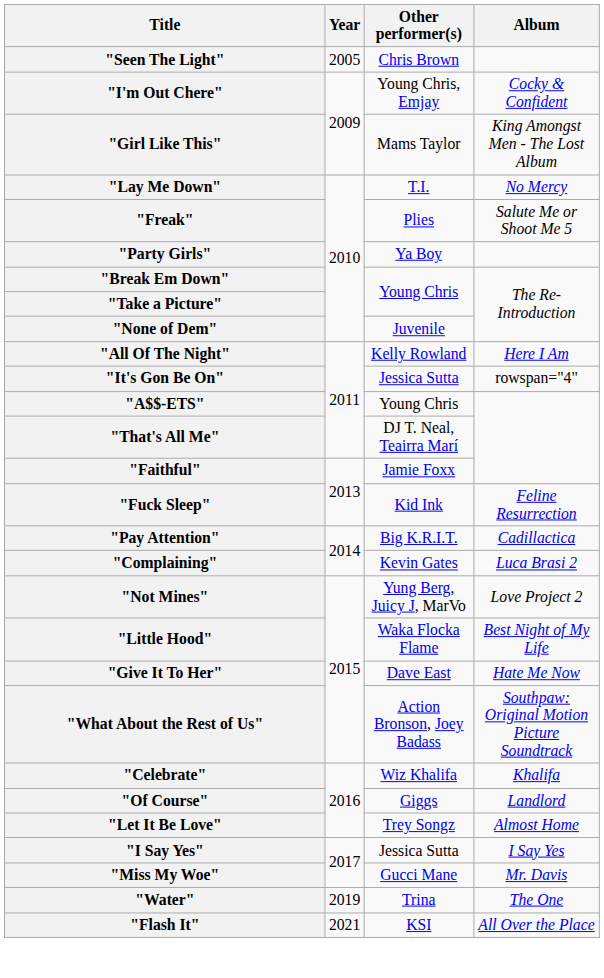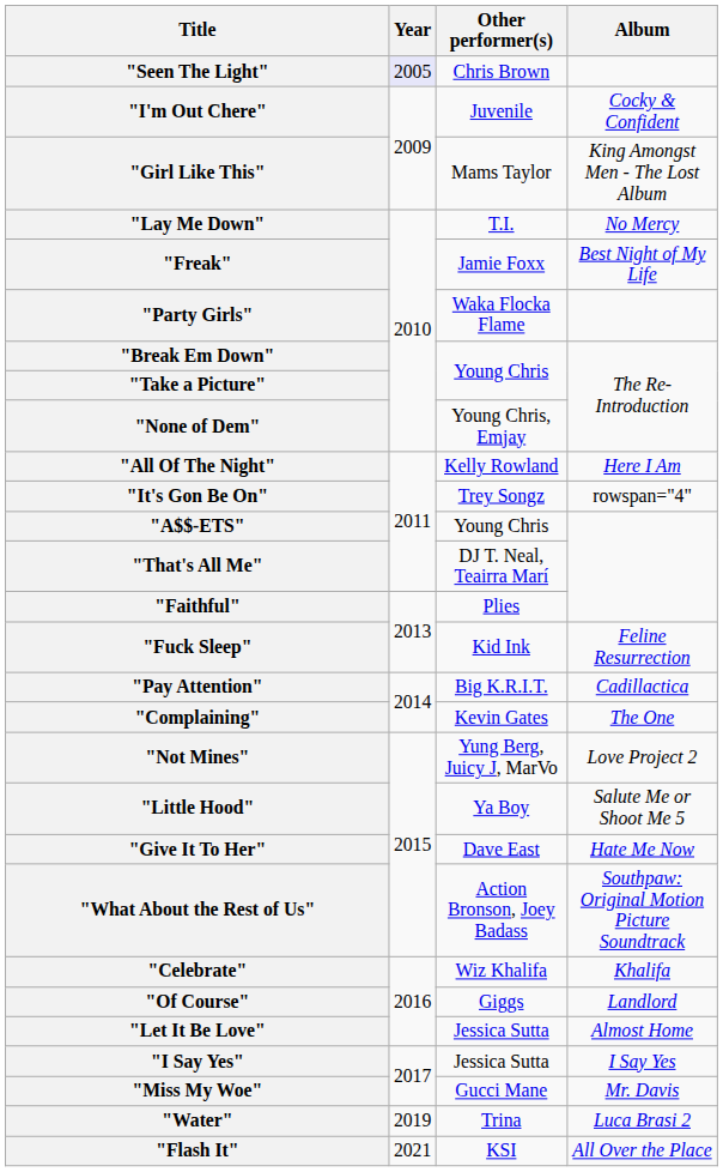 <table class="wikitable plainrowheaders" style="text-align:center;">
 <tr>
 <th scope="col" style="width:20em;">Title</th>
 <th scope="col">Year</th>
 <th scope="col">Other performer(s)</th>
 <th scope="col">Album</th>
 </tr>
 <tr>
 <th scope= "row">"Seen The Light"</th>
-<td rowspan="1">2005</td>
+<td rowspan="1" style="background: lavender;">2005</td>
 <td><a href='#'>Chris Brown</a></td>
 <td></td>
 </tr>
 <tr>
 <th scope= "row">"I'm Out Chere"</th>
 <td rowspan="2">2009</td>
-<td>Young Chris, <a href='#'>Emjay</a></td>
+<td><a href='#'>Juvenile</a></td>
 <td><em><a href='#'>Cocky & Confident</a></em></td>
 </tr>
 <tr>
 <th scope= "row">"Girl Like This"</th>
 <td>Mams Taylor</td>
 <td><em>King Amongst Men - The Lost Album</em></td>
 </tr>
 <tr>
 <th scope= "row">"Lay Me Down"</th>
 <td rowspan="6">2010</td>
 <td><a href='#'>T.I.</a></td>
 <td><em><a href='#'>No Mercy</a></em></td>
 </tr>
 <tr>
 <th scope= "row">"Freak"</th>
-<td><a href='#'>Plies</a></td>
-<td><em>Salute Me or Shoot Me 5</em></td>
+<td><a href='#'>Jamie Foxx</a></td>
+<td><em><a href='#'>Best Night of My Life</a></em></td>
 </tr>
 <tr>
 <th scope= "row">"Party Girls"</th>
-<td><a href='#'>Ya Boy</a></td>
+<td><a href='#'>Waka Flocka Flame</a></td>
 <td></td>
 </tr>
 <tr>
 <th scope= "row">"Break Em Down"</th>
 <td rowspan="2"><a href='#'>Young Chris</a></td>
 <td rowspan="3"><em>The Re-Introduction</em></td>
 </tr>
 <tr>
 <th scope= "row">"Take a Picture"</th>
 </tr>
 <tr>
 <th scope= "row">"None of Dem"</th>
-<td><a href='#'>Juvenile</a></td>
+<td>Young Chris, <a href='#'>Emjay</a></td>
 </tr>
 <tr>
 <th scope= "row">"All Of The Night"</th>
 <td rowspan="4">2011</td>
 <td><a href='#'>Kelly Rowland</a></td>
 <td><em><a href='#'>Here I Am</a></em></td>
 </tr>
 <tr>
 <th scope= "row">"It's Gon Be On"</th>
-<td><a href='#'>Jessica Sutta</a></td>
+<td><a href='#'>Trey Songz</a></td>
 <td>rowspan="4" </td>
 </tr>
 <tr>
 <th scope= "row">"A$$-ETS"</th>
 <td>Young Chris</td>
 </tr>
 <tr>
 <th scope= "row">"That's All Me"</th>
 <td>DJ T. Neal, <a href='#'>Teairra Marí</a></td>
 </tr>
 <tr>
 <th scope= "row">"Faithful"</th>
 <td rowspan="2">2013</td>
-<td><a href='#'>Jamie Foxx</a></td>
+<td><a href='#'>Plies</a></td>
 </tr>
 <tr>
 <th scope= "row">"Fuck Sleep"</th>
 <td><a href='#'>Kid Ink</a></td>
 <td><em><a href='#'>Feline Resurrection</a></em></td>
 </tr>
 <tr>
 <th scope= "row">"Pay Attention"</th>
 <td rowspan="2">2014</td>
 <td><a href='#'>Big K.R.I.T.</a></td>
 <td><em><a href='#'>Cadillactica</a></em></td>
 </tr>
 <tr>
 <th scope= "row">"Complaining"</th>
 <td><a href='#'>Kevin Gates</a></td>
-<td><em><a href='#'>Luca Brasi 2</a></em></td>
+<td><em><a href='#'>The One</a></em></td>
 </tr>
 <tr>
 <th scope="row">"Not Mines"</th>
 <td rowspan="4">2015</td>
 <td><a href='#'>Yung Berg</a>, <a href='#'>Juicy J</a>, MarVo</td>
 <td><em>Love Project 2</em></td>
 </tr>
 <tr>
 <th scope="row">"Little Hood"</th>
-<td><a href='#'>Waka Flocka Flame</a></td>
-<td><em><a href='#'>Best Night of My Life</a></em></td>
+<td><a href='#'>Ya Boy</a></td>
+<td><em>Salute Me or Shoot Me 5</em></td>
 </tr>
 <tr>
 <th scope="row">"Give It To Her"</th>
 <td><a href='#'>Dave East</a></td>
 <td><em><a href='#'>Hate Me Now</a></em></td>
 </tr>
 <tr>
 <th scope="row">"What About the Rest of Us"</th>
 <td><a href='#'>Action Bronson</a>, <a href='#'>Joey Badass</a></td>
 <td><em><a href='#'>Southpaw: Original Motion Picture Soundtrack</a></em></td>
 </tr>
 <tr>
 <th scope="row">"Celebrate"</th>
 <td rowspan="3">2016</td>
 <td><a href='#'>Wiz Khalifa</a></td>
 <td><em><a href='#'>Khalifa</a></em></td>
 </tr>
 <tr>
 <th scope="row">"Of Course"</th>
 <td><a href='#'>Giggs</a></td>
 <td><em><a href='#'>Landlord</a></em></td>
 </tr>
 <tr>
 <th scope="row">"Let It Be Love"</th>
-<td><a href='#'>Trey Songz</a></td>
+<td><a href='#'>Jessica Sutta</a></td>
 <td><em><a href='#'>Almost Home</a></em></td>
 </tr>
 <tr>
 <th scope="row">"I Say Yes"</th>
 <td rowspan="2">2017</td>
 <td>Jessica Sutta</td>
 <td><em><a href='#'>I Say Yes</a></em></td>
 </tr>
 <tr>
 <th scope="row">"Miss My Woe"</th>
 <td><a href='#'>Gucci Mane</a></td>
 <td><em><a href='#'>Mr. Davis</a></em></td>
 </tr>
 <tr>
 <th scope="row">"Water"</th>
 <td rowspan="1">2019</td>
 <td><a href='#'>Trina</a></td>
-<td><em><a href='#'>The One</a></em></td>
+<td><em><a href='#'>Luca Brasi 2</a></em></td>
 </tr>
 <tr>
 <th scope="row">"Flash It"</th>
 <td rowspan=“1”>2021</td>
 <td><a href='#'>KSI</a></td>
 <td><a href='#'><em>All Over the Place</em></a></td>
 </tr>
 </table>
